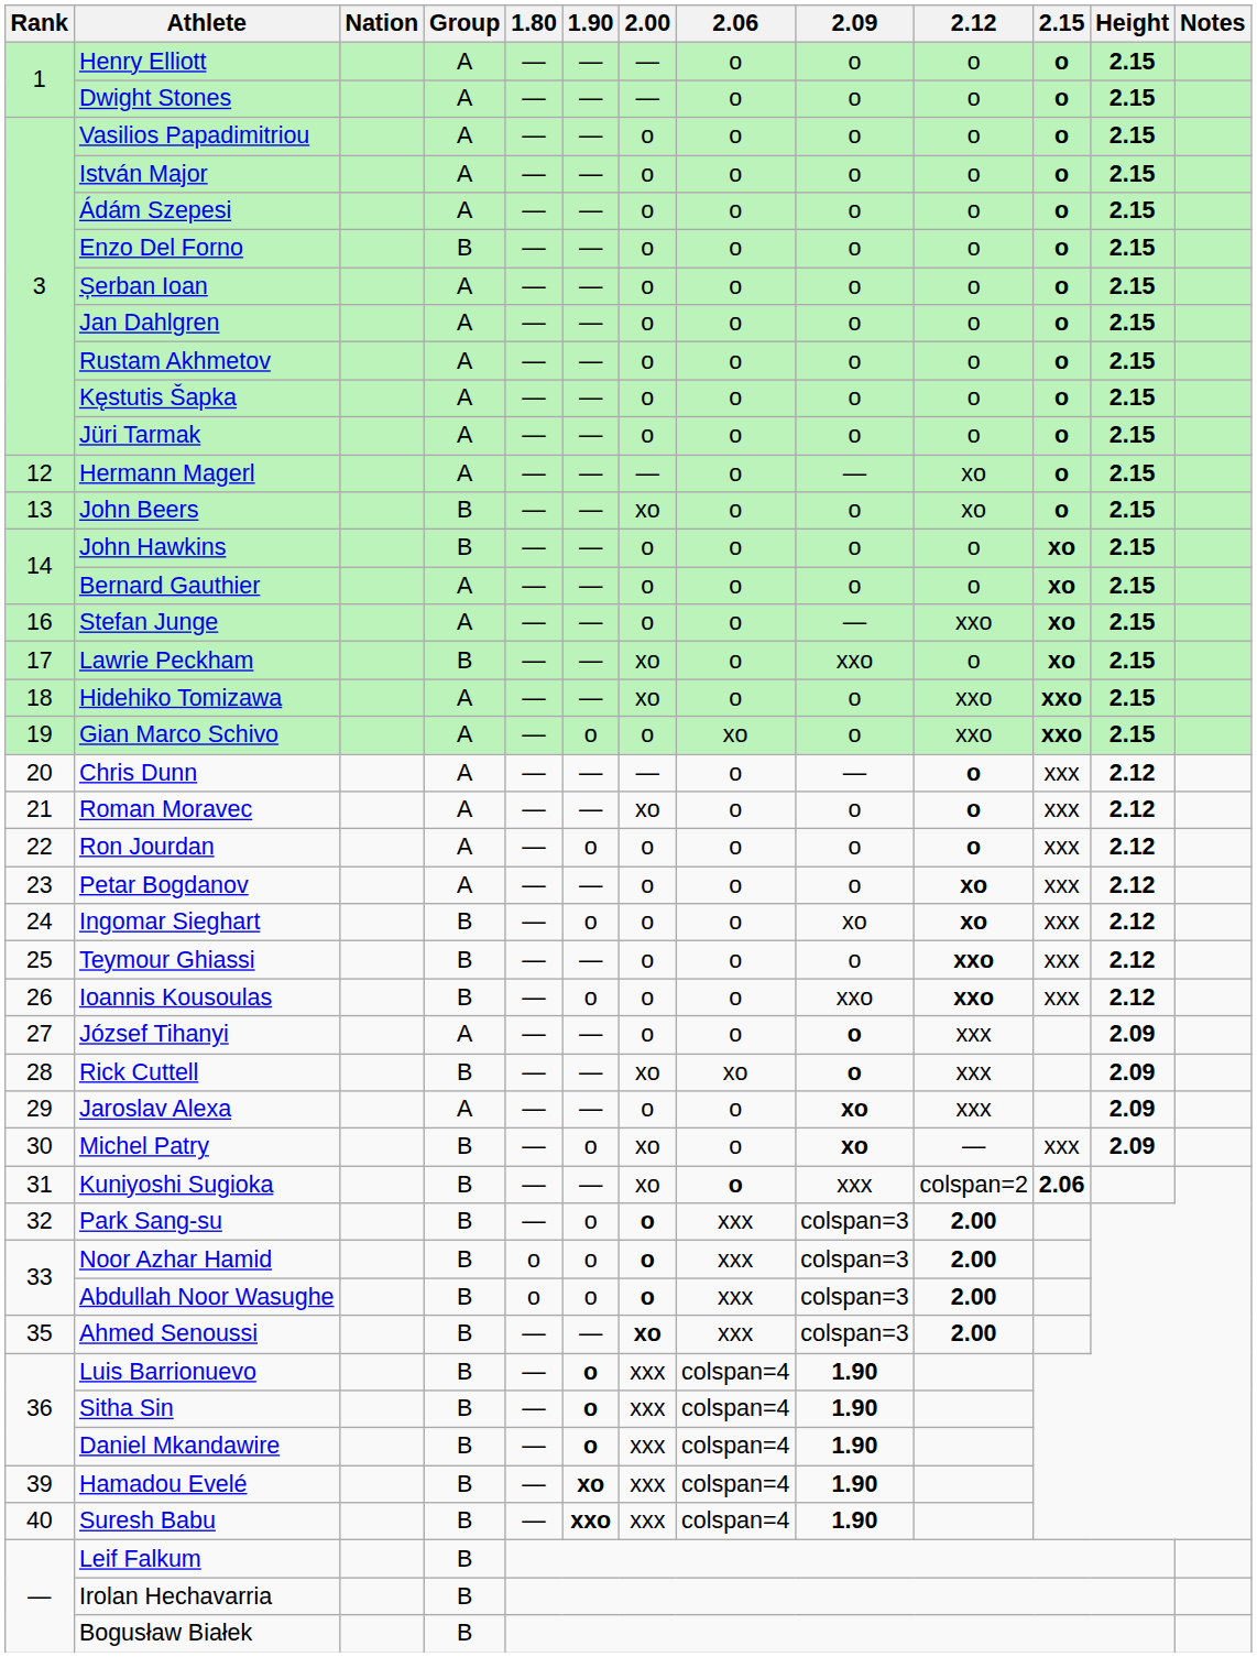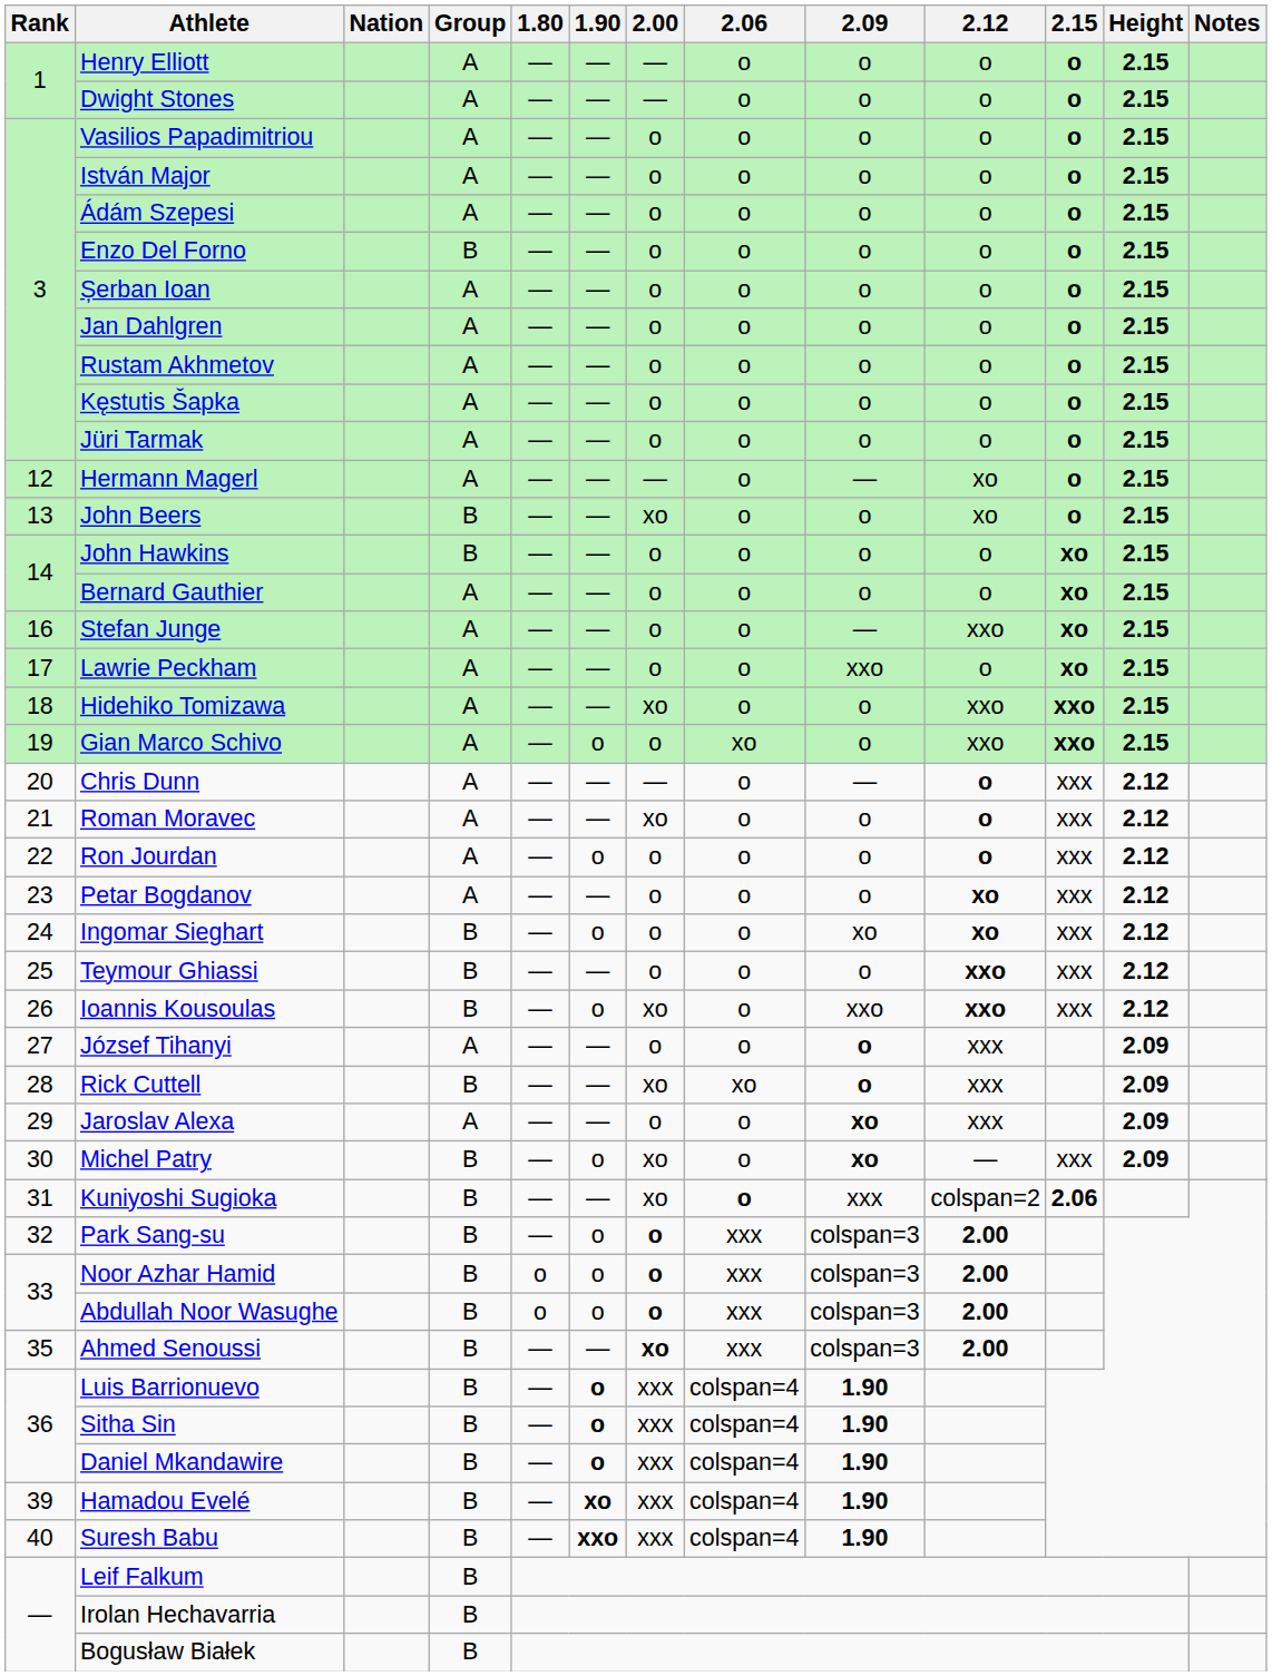 <table class="wikitable sortable" style="text-align:center">
 <tr>
 <th>Rank</th>
 <th>Athlete</th>
 <th>Nation</th>
 <th>Group</th>
 <th>1.80</th>
 <th>1.90</th>
 <th>2.00</th>
 <th>2.06</th>
 <th>2.09</th>
 <th>2.12</th>
 <th>2.15</th>
 <th>Height</th>
 <th>Notes</th>
 </tr>
 <tr bgcolor=bbf3bb>
 <td rowspan=2>1</td>
 <td align=left><a href='#'>Henry Elliott</a></td>
 <td align=left></td>
 <td>A</td>
 <td>—</td>
 <td>—</td>
 <td>—</td>
 <td>o</td>
 <td>o</td>
 <td>o</td>
 <td><strong>o</strong></td>
 <td><strong>2.15</strong></td>
 <td></td>
 </tr>
 <tr bgcolor=bbf3bb>
 <td align=left><a href='#'>Dwight Stones</a></td>
 <td align=left></td>
 <td>A</td>
 <td>—</td>
 <td>—</td>
 <td>—</td>
 <td>o</td>
 <td>o</td>
 <td>o</td>
 <td><strong>o</strong></td>
 <td><strong>2.15</strong></td>
 <td></td>
 </tr>
 <tr bgcolor=bbf3bb>
 <td rowspan=9>3</td>
 <td align=left><a href='#'>Vasilios Papadimitriou</a></td>
 <td align=left></td>
 <td>A</td>
 <td>—</td>
 <td>—</td>
 <td>o</td>
 <td>o</td>
 <td>o</td>
 <td>o</td>
 <td><strong>o</strong></td>
 <td><strong>2.15</strong></td>
 <td></td>
 </tr>
 <tr bgcolor=bbf3bb>
 <td align=left><a href='#'>István Major</a></td>
 <td align=left></td>
 <td>A</td>
 <td>—</td>
 <td>—</td>
 <td>o</td>
 <td>o</td>
 <td>o</td>
 <td>o</td>
 <td><strong>o</strong></td>
 <td><strong>2.15</strong></td>
 <td></td>
 </tr>
 <tr bgcolor=bbf3bb>
 <td align=left><a href='#'>Ádám Szepesi</a></td>
 <td align=left></td>
 <td>A</td>
 <td>—</td>
 <td>—</td>
 <td>o</td>
 <td>o</td>
 <td>o</td>
 <td>o</td>
 <td><strong>o</strong></td>
 <td><strong>2.15</strong></td>
 <td></td>
 </tr>
 <tr bgcolor=bbf3bb>
 <td align=left><a href='#'>Enzo Del Forno</a></td>
 <td align=left></td>
 <td>B</td>
 <td>—</td>
 <td>—</td>
 <td>o</td>
 <td>o</td>
 <td>o</td>
 <td>o</td>
 <td><strong>o</strong></td>
 <td><strong>2.15</strong></td>
 <td></td>
 </tr>
 <tr bgcolor=bbf3bb>
 <td align=left><a href='#'>Șerban Ioan</a></td>
 <td align=left></td>
 <td>A</td>
 <td>—</td>
 <td>—</td>
 <td>o</td>
 <td>o</td>
 <td>o</td>
 <td>o</td>
 <td><strong>o</strong></td>
 <td><strong>2.15</strong></td>
 <td></td>
 </tr>
 <tr bgcolor=bbf3bb>
 <td align=left><a href='#'>Jan Dahlgren</a></td>
 <td align=left></td>
 <td>A</td>
 <td>—</td>
 <td>—</td>
 <td>o</td>
 <td>o</td>
 <td>o</td>
 <td>o</td>
 <td><strong>o</strong></td>
 <td><strong>2.15</strong></td>
 <td></td>
 </tr>
 <tr bgcolor=bbf3bb>
 <td align=left><a href='#'>Rustam Akhmetov</a></td>
 <td align=left></td>
 <td>A</td>
 <td>—</td>
 <td>—</td>
 <td>o</td>
 <td>o</td>
 <td>o</td>
 <td>o</td>
 <td><strong>o</strong></td>
 <td><strong>2.15</strong></td>
 <td></td>
 </tr>
 <tr bgcolor=bbf3bb>
 <td align=left><a href='#'>Kęstutis Šapka</a></td>
 <td align=left></td>
 <td>A</td>
 <td>—</td>
 <td>—</td>
 <td>o</td>
 <td>o</td>
 <td>o</td>
 <td>o</td>
 <td><strong>o</strong></td>
 <td><strong>2.15</strong></td>
 <td></td>
 </tr>
 <tr bgcolor=bbf3bb>
 <td align=left><a href='#'>Jüri Tarmak</a></td>
 <td align=left></td>
 <td>A</td>
 <td>—</td>
 <td>—</td>
 <td>o</td>
 <td>o</td>
 <td>o</td>
 <td>o</td>
 <td><strong>o</strong></td>
 <td><strong>2.15</strong></td>
 <td></td>
 </tr>
 <tr bgcolor=bbf3bb>
 <td>12</td>
 <td align=left><a href='#'>Hermann Magerl</a></td>
 <td align=left></td>
 <td>A</td>
 <td>—</td>
 <td>—</td>
 <td>—</td>
 <td>o</td>
 <td>—</td>
 <td>xo</td>
 <td><strong>o</strong></td>
 <td><strong>2.15</strong></td>
 <td></td>
 </tr>
 <tr bgcolor=bbf3bb>
 <td>13</td>
 <td align=left><a href='#'>John Beers</a></td>
 <td align=left></td>
 <td>B</td>
 <td>—</td>
 <td>—</td>
 <td>xo</td>
 <td>o</td>
 <td>o</td>
 <td>xo</td>
 <td><strong>o</strong></td>
 <td><strong>2.15</strong></td>
 <td></td>
 </tr>
 <tr bgcolor=bbf3bb>
 <td rowspan=2>14</td>
 <td align=left><a href='#'>John Hawkins</a></td>
 <td align=left></td>
 <td>B</td>
 <td>—</td>
 <td>—</td>
 <td>o</td>
 <td>o</td>
 <td>o</td>
 <td>o</td>
 <td><strong>xo</strong></td>
 <td><strong>2.15</strong></td>
 <td></td>
 </tr>
 <tr bgcolor=bbf3bb>
 <td align=left><a href='#'>Bernard Gauthier</a></td>
 <td align=left></td>
 <td>A</td>
 <td>—</td>
 <td>—</td>
 <td>o</td>
 <td>o</td>
 <td>o</td>
 <td>o</td>
 <td><strong>xo</strong></td>
 <td><strong>2.15</strong></td>
 <td></td>
 </tr>
 <tr bgcolor=bbf3bb>
 <td>16</td>
 <td align=left><a href='#'>Stefan Junge</a></td>
 <td align=left></td>
 <td>A</td>
 <td>—</td>
 <td>—</td>
 <td>o</td>
 <td>o</td>
 <td>—</td>
 <td>xxo</td>
 <td><strong>xo</strong></td>
 <td><strong>2.15</strong></td>
 <td></td>
 </tr>
 <tr bgcolor=bbf3bb>
 <td>17</td>
 <td align=left><a href='#'>Lawrie Peckham</a></td>
 <td align=left></td>
-<td>B</td>
+<td>A</td>
 <td>—</td>
 <td>—</td>
-<td>xo</td>
+<td>o</td>
 <td>o</td>
 <td>xxo</td>
 <td>o</td>
 <td><strong>xo</strong></td>
 <td><strong>2.15</strong></td>
 <td></td>
 </tr>
 <tr bgcolor=bbf3bb>
 <td>18</td>
 <td align=left><a href='#'>Hidehiko Tomizawa</a></td>
 <td align=left></td>
 <td>A</td>
 <td>—</td>
 <td>—</td>
 <td>xo</td>
 <td>o</td>
 <td>o</td>
 <td>xxo</td>
 <td><strong>xxo</strong></td>
 <td><strong>2.15</strong></td>
 <td></td>
 </tr>
 <tr bgcolor=bbf3bb>
 <td>19</td>
 <td align=left><a href='#'>Gian Marco Schivo</a></td>
 <td align=left></td>
 <td>A</td>
 <td>—</td>
 <td>o</td>
 <td>o</td>
 <td>xo</td>
 <td>o</td>
 <td>xxo</td>
 <td><strong>xxo</strong></td>
 <td><strong>2.15</strong></td>
 <td></td>
 </tr>
 <tr>
 <td>20</td>
 <td align=left><a href='#'>Chris Dunn</a></td>
 <td align=left></td>
 <td>A</td>
 <td>—</td>
 <td>—</td>
 <td>—</td>
 <td>o</td>
 <td>—</td>
 <td><strong>o</strong></td>
 <td>xxx</td>
 <td><strong>2.12</strong></td>
 <td></td>
 </tr>
 <tr>
 <td>21</td>
 <td align=left><a href='#'>Roman Moravec</a></td>
 <td align=left></td>
 <td>A</td>
 <td>—</td>
 <td>—</td>
 <td>xo</td>
 <td>o</td>
 <td>o</td>
 <td><strong>o</strong></td>
 <td>xxx</td>
 <td><strong>2.12</strong></td>
 <td></td>
 </tr>
 <tr>
 <td>22</td>
 <td align=left><a href='#'>Ron Jourdan</a></td>
 <td align=left></td>
 <td>A</td>
 <td>—</td>
 <td>o</td>
 <td>o</td>
 <td>o</td>
 <td>o</td>
 <td><strong>o</strong></td>
 <td>xxx</td>
 <td><strong>2.12</strong></td>
 <td></td>
 </tr>
 <tr>
 <td>23</td>
 <td align=left><a href='#'>Petar Bogdanov</a></td>
 <td align=left></td>
 <td>A</td>
 <td>—</td>
 <td>—</td>
 <td>o</td>
 <td>o</td>
 <td>o</td>
 <td><strong>xo</strong></td>
 <td>xxx</td>
 <td><strong>2.12</strong></td>
 <td></td>
 </tr>
 <tr>
 <td>24</td>
 <td align=left><a href='#'>Ingomar Sieghart</a></td>
 <td align=left></td>
 <td>B</td>
 <td>—</td>
 <td>o</td>
 <td>o</td>
 <td>o</td>
 <td>xo</td>
 <td><strong>xo</strong></td>
 <td>xxx</td>
 <td><strong>2.12</strong></td>
 <td></td>
 </tr>
 <tr>
 <td>25</td>
 <td align=left><a href='#'>Teymour Ghiassi</a></td>
 <td align=left></td>
 <td>B</td>
 <td>—</td>
 <td>—</td>
 <td>o</td>
 <td>o</td>
 <td>o</td>
 <td><strong>xxo</strong></td>
 <td>xxx</td>
 <td><strong>2.12</strong></td>
 <td></td>
 </tr>
 <tr>
 <td>26</td>
 <td align=left><a href='#'>Ioannis Kousoulas</a></td>
 <td align=left></td>
 <td>B</td>
 <td>—</td>
 <td>o</td>
-<td>o</td>
+<td>xo</td>
 <td>o</td>
 <td>xxo</td>
 <td><strong>xxo</strong></td>
 <td>xxx</td>
 <td><strong>2.12</strong></td>
 <td></td>
 </tr>
 <tr>
 <td>27</td>
 <td align=left><a href='#'>József Tihanyi</a></td>
 <td align=left></td>
 <td>A</td>
 <td>—</td>
 <td>—</td>
 <td>o</td>
 <td>o</td>
 <td><strong>o</strong></td>
 <td>xxx</td>
 <td></td>
 <td><strong>2.09</strong></td>
 <td></td>
 </tr>
 <tr>
 <td>28</td>
 <td align=left><a href='#'>Rick Cuttell</a></td>
 <td align=left></td>
 <td>B</td>
 <td>—</td>
 <td>—</td>
 <td>xo</td>
 <td>xo</td>
 <td><strong>o</strong></td>
 <td>xxx</td>
 <td></td>
 <td><strong>2.09</strong></td>
 <td></td>
 </tr>
 <tr>
 <td>29</td>
 <td align=left><a href='#'>Jaroslav Alexa</a></td>
 <td align=left></td>
 <td>A</td>
 <td>—</td>
 <td>—</td>
 <td>o</td>
 <td>o</td>
 <td><strong>xo</strong></td>
 <td>xxx</td>
 <td></td>
 <td><strong>2.09</strong></td>
 <td></td>
 </tr>
 <tr>
 <td>30</td>
 <td align=left><a href='#'>Michel Patry</a></td>
 <td align=left></td>
 <td>B</td>
 <td>—</td>
 <td>o</td>
 <td>xo</td>
 <td>o</td>
 <td><strong>xo</strong></td>
 <td>—</td>
 <td>xxx</td>
 <td><strong>2.09</strong></td>
 <td></td>
 </tr>
 <tr>
 <td>31</td>
 <td align=left><a href='#'>Kuniyoshi Sugioka</a></td>
 <td align=left></td>
 <td>B</td>
 <td>—</td>
 <td>—</td>
 <td>xo</td>
 <td><strong>o</strong></td>
 <td>xxx</td>
 <td>colspan=2 </td>
 <td><strong>2.06</strong></td>
 <td></td>
 </tr>
 <tr>
 <td>32</td>
 <td align=left><a href='#'>Park Sang-su</a></td>
 <td align=left></td>
 <td>B</td>
 <td>—</td>
 <td>o</td>
 <td><strong>o</strong></td>
 <td>xxx</td>
 <td>colspan=3 </td>
 <td><strong>2.00</strong></td>
 <td></td>
 </tr>
 <tr>
 <td rowspan=2>33</td>
 <td align=left><a href='#'>Noor Azhar Hamid</a></td>
 <td align=left></td>
 <td>B</td>
 <td>o</td>
 <td>o</td>
 <td><strong>o</strong></td>
 <td>xxx</td>
 <td>colspan=3 </td>
 <td><strong>2.00</strong></td>
 <td></td>
 </tr>
 <tr>
 <td align=left><a href='#'>Abdullah Noor Wasughe</a></td>
 <td align=left></td>
 <td>B</td>
 <td>o</td>
 <td>o</td>
 <td><strong>o</strong></td>
 <td>xxx</td>
 <td>colspan=3 </td>
 <td><strong>2.00</strong></td>
 <td></td>
 </tr>
 <tr>
 <td>35</td>
 <td align=left><a href='#'>Ahmed Senoussi</a></td>
 <td align=left></td>
 <td>B</td>
 <td>—</td>
 <td>—</td>
 <td><strong>xo</strong></td>
 <td>xxx</td>
 <td>colspan=3 </td>
 <td><strong>2.00</strong></td>
 <td></td>
 </tr>
 <tr>
 <td rowspan=3>36</td>
 <td align=left><a href='#'>Luis Barrionuevo</a></td>
 <td align=left></td>
 <td>B</td>
 <td>—</td>
 <td><strong>o</strong></td>
 <td>xxx</td>
 <td>colspan=4 </td>
 <td><strong>1.90</strong></td>
 <td></td>
 </tr>
 <tr>
 <td align=left><a href='#'>Sitha Sin</a></td>
 <td align=left></td>
 <td>B</td>
 <td>—</td>
 <td><strong>o</strong></td>
 <td>xxx</td>
 <td>colspan=4 </td>
 <td><strong>1.90</strong></td>
 <td></td>
 </tr>
 <tr>
 <td align=left><a href='#'>Daniel Mkandawire</a></td>
 <td align=left></td>
 <td>B</td>
 <td>—</td>
 <td><strong>o</strong></td>
 <td>xxx</td>
 <td>colspan=4 </td>
 <td><strong>1.90</strong></td>
 <td></td>
 </tr>
 <tr>
 <td>39</td>
 <td align=left><a href='#'>Hamadou Evelé</a></td>
 <td align=left></td>
 <td>B</td>
 <td>—</td>
 <td><strong>xo</strong></td>
 <td>xxx</td>
 <td>colspan=4 </td>
 <td><strong>1.90</strong></td>
 <td></td>
 </tr>
 <tr>
 <td>40</td>
 <td align=left><a href='#'>Suresh Babu</a></td>
 <td align=left></td>
 <td>B</td>
 <td>—</td>
 <td><strong>xxo</strong></td>
 <td>xxx</td>
 <td>colspan=4 </td>
 <td><strong>1.90</strong></td>
 <td></td>
 </tr>
 <tr>
 <td rowspan=3 data-sort-value=41>—</td>
 <td align=left><a href='#'>Leif Falkum</a></td>
 <td align=left></td>
 <td>B</td>
 <td colspan=8 data-sort-value=0.00></td>
 <td></td>
 </tr>
 <tr>
 <td align=left>Irolan Hechavarria</td>
 <td align=left></td>
 <td>B</td>
 <td colspan=8 data-sort-value=0.00></td>
 <td></td>
 </tr>
 <tr>
 <td align=left>Bogusław Białek</td>
 <td align=left></td>
 <td>B</td>
 <td colspan=8 data-sort-value=0.00></td>
 <td></td>
 </tr>
 </table>
